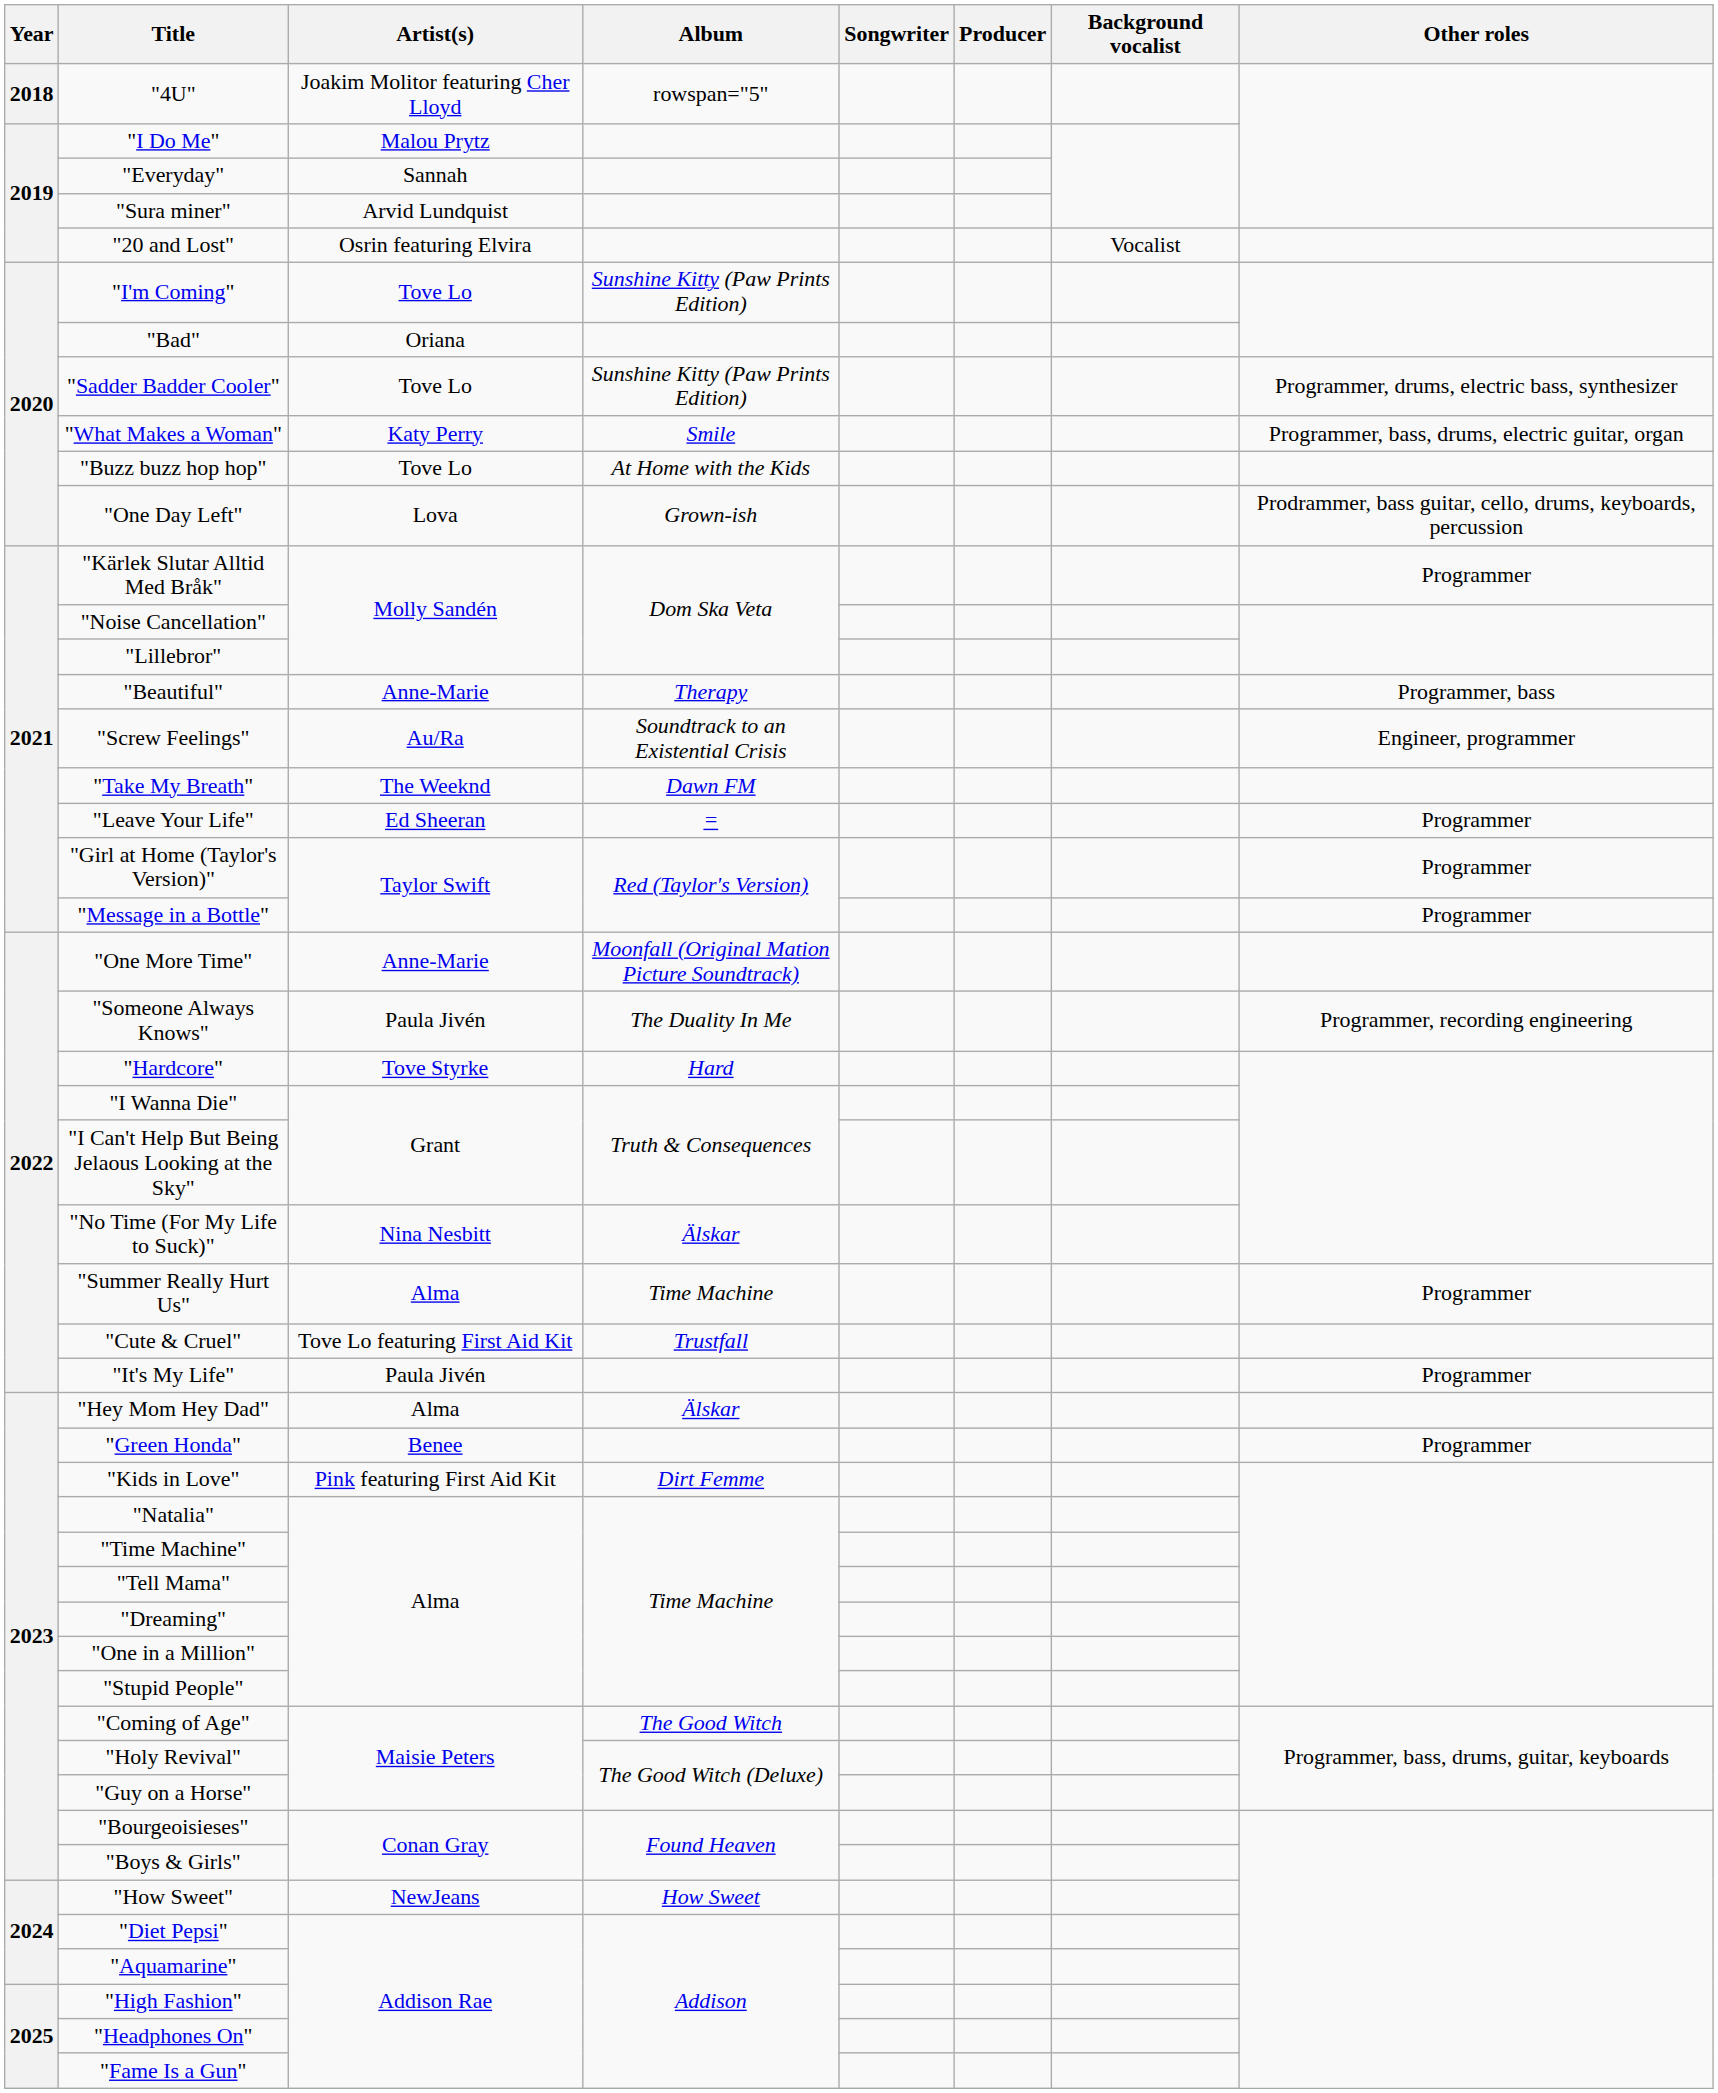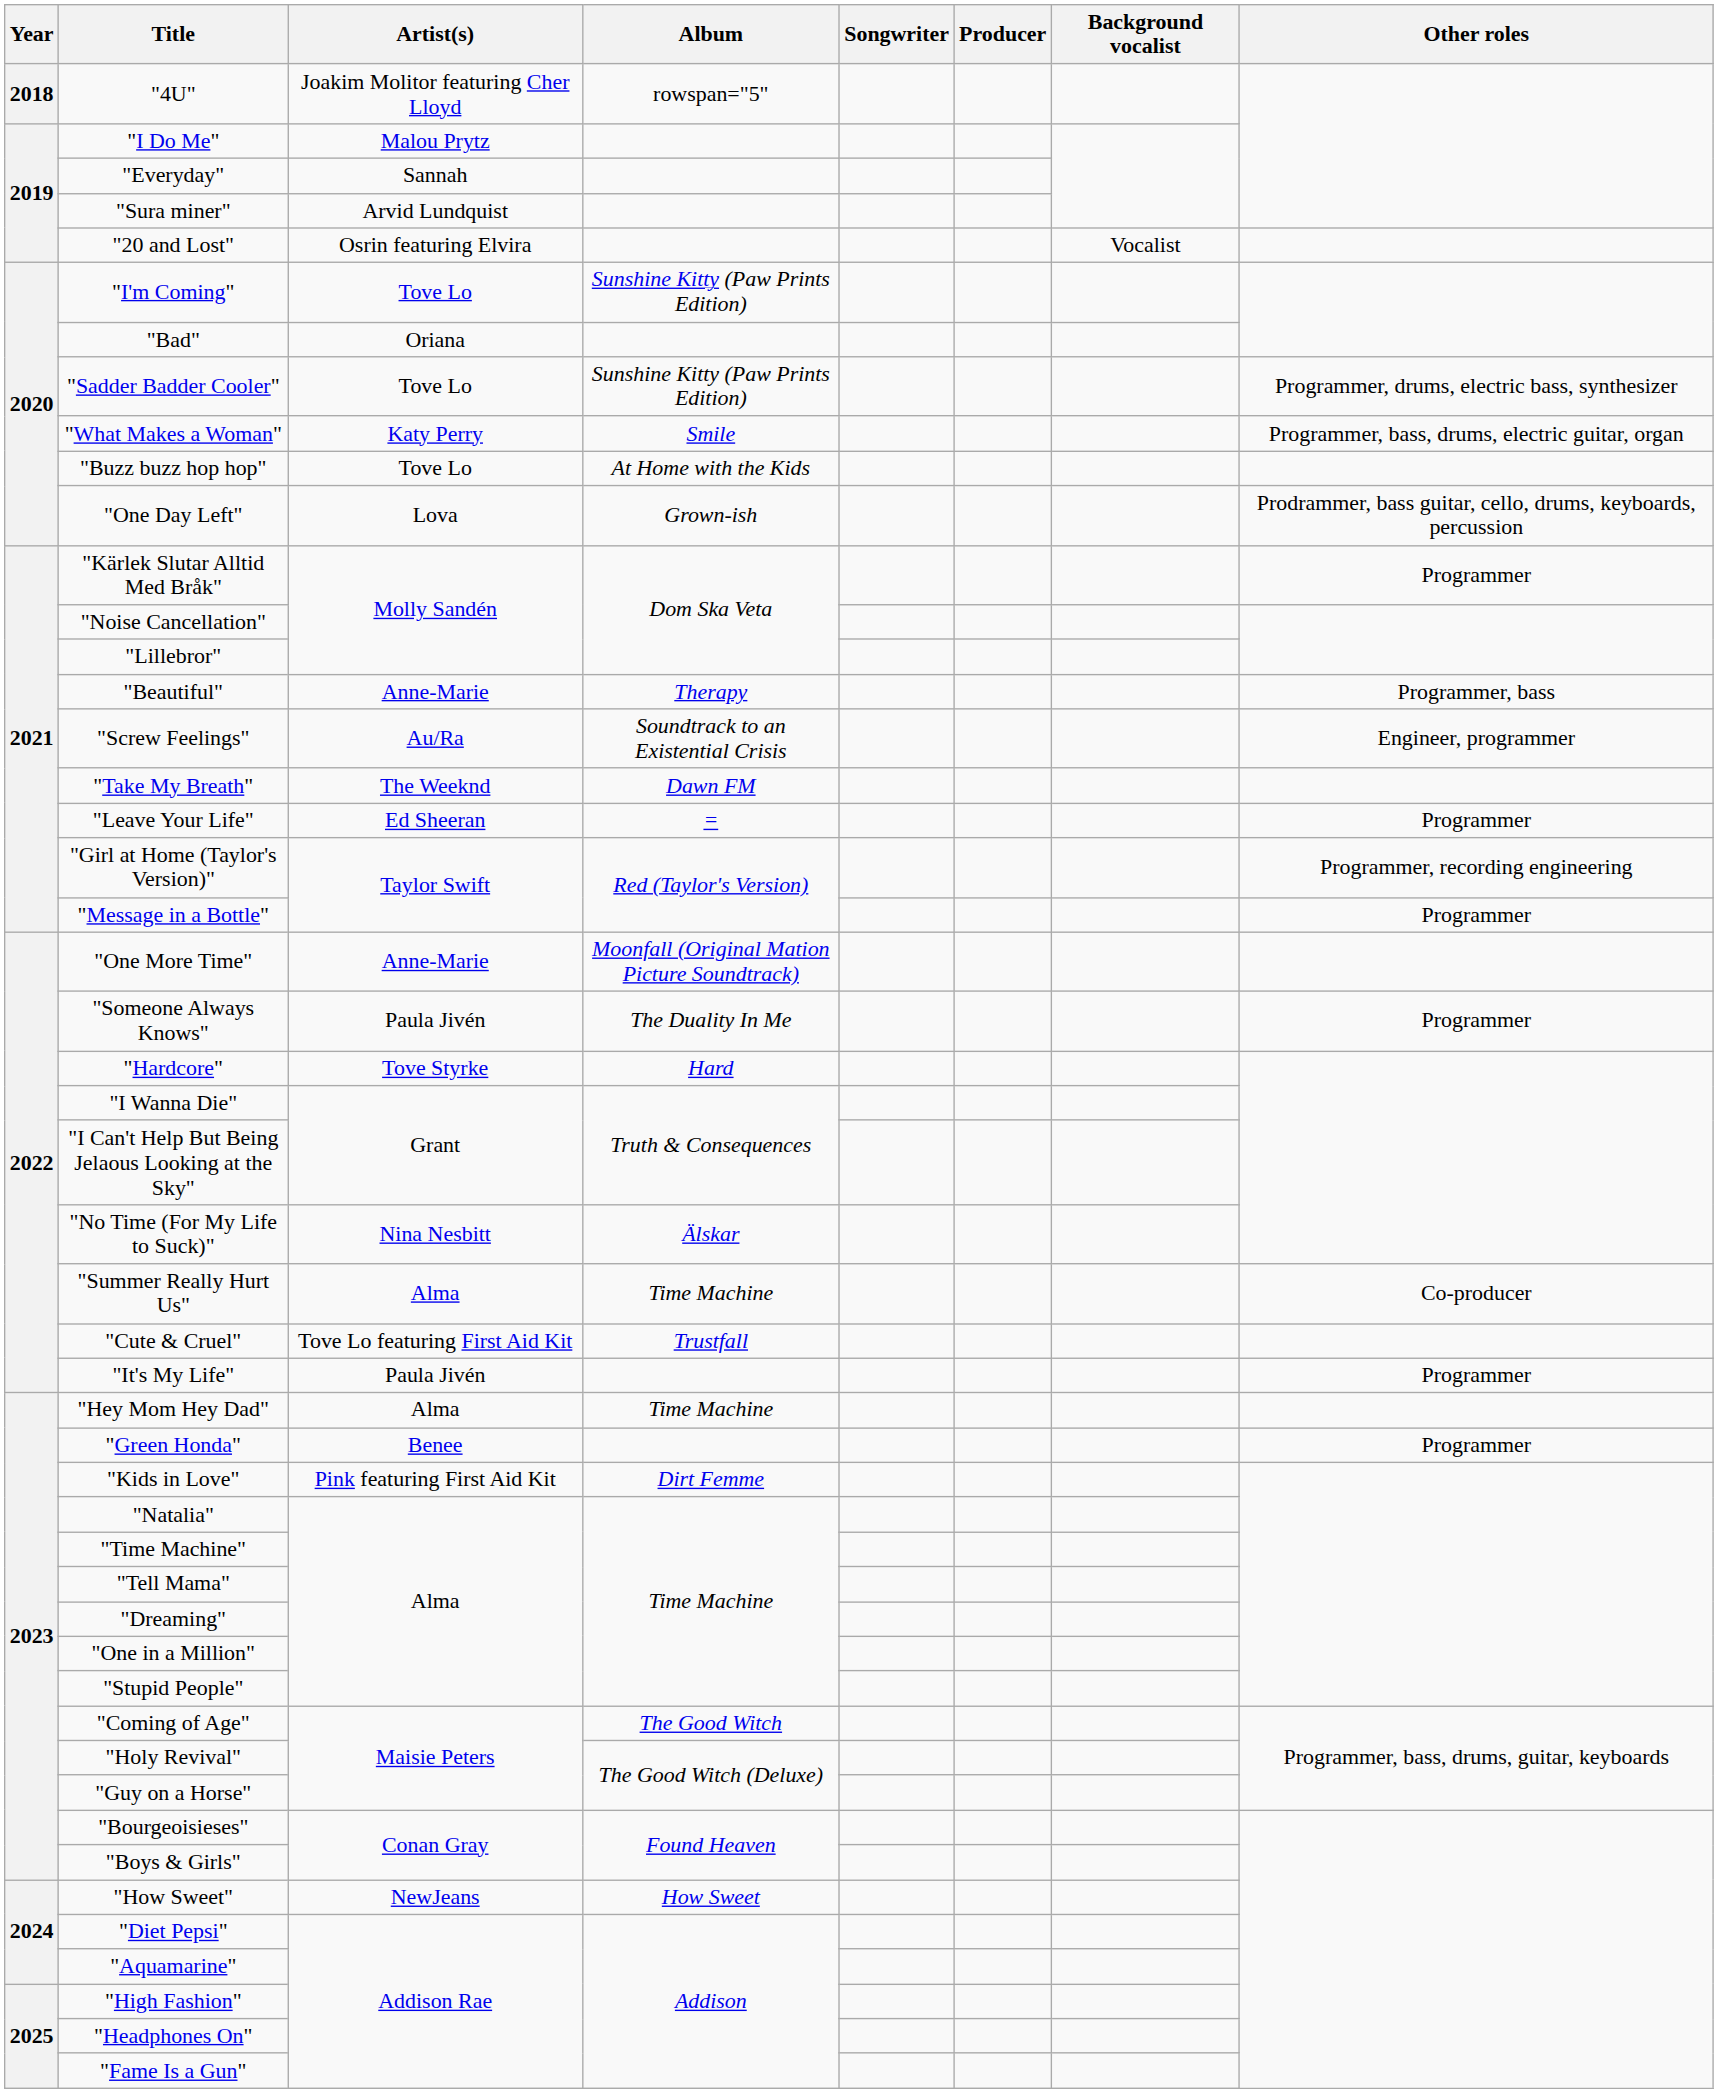 <table class="wikitable sortable plainrowheaders" style="text-align:center;">
 <tr>
 <th scope="col">Year</th>
 <th scope="col" style="width:160px;">Title</th>
 <th scope="col">Artist(s)</th>
 <th scope="col" style="width:180px;">Album</th>
 <th scope="col">Songwriter</th>
 <th scope="col">Producer</th>
 <th scope="col">Background vocalist</th>
 <th scope="col">Other roles</th>
 </tr>
 <tr>
 <th scope="row">2018</th>
 <td>"4U"</td>
 <td>Joakim Molitor featuring <a href='#'>Cher Lloyd</a></td>
 <td>rowspan="5" </td>
 <td></td>
 <td></td>
 <td></td>
 <td rowspan="4"></td>
 </tr>
 <tr>
 <th scope="row" rowspan="4">2019</th>
 <td>"<a href='#'>I Do Me</a>"</td>
 <td><a href='#'>Malou Prytz</a></td>
 <td></td>
 <td></td>
 <td></td>
 </tr>
 <tr>
 <td>"Everyday"</td>
 <td>Sannah</td>
 <td></td>
 <td></td>
 <td></td>
 </tr>
 <tr>
 <td>"Sura miner"</td>
 <td>Arvid Lundquist</td>
 <td></td>
 <td></td>
 <td></td>
 </tr>
 <tr>
 <td>"20 and Lost"</td>
 <td>Osrin featuring Elvira</td>
 <td></td>
 <td></td>
 <td></td>
 <td>Vocalist</td>
 </tr>
 <tr>
 <th scope="row" rowspan="6">2020</th>
 <td>"<a href='#'>I'm Coming</a>"</td>
 <td><a href='#'>Tove Lo</a></td>
 <td><em><a href='#'>Sunshine Kitty</a> (Paw Prints Edition)</em></td>
 <td></td>
 <td></td>
 <td></td>
 <td rowspan="2"></td>
 </tr>
 <tr>
 <td>"Bad"</td>
 <td>Oriana</td>
 <td></td>
 <td></td>
 <td></td>
 <td></td>
 </tr>
 <tr>
 <td>"<a href='#'>Sadder Badder Cooler</a>"</td>
 <td>Tove Lo</td>
 <td><em>Sunshine Kitty (Paw Prints Edition)</em></td>
 <td></td>
 <td></td>
 <td></td>
 <td>Programmer, drums, electric bass, synthesizer</td>
 </tr>
 <tr>
 <td>"<a href='#'>What Makes a Woman</a>"</td>
 <td><a href='#'>Katy Perry</a></td>
 <td><em><a href='#'>Smile</a></em></td>
 <td></td>
 <td></td>
 <td></td>
 <td>Programmer, bass, drums, electric guitar, organ</td>
 </tr>
 <tr>
 <td>"Buzz buzz hop hop"</td>
 <td>Tove Lo</td>
 <td><em>At Home with the Kids</em></td>
 <td></td>
 <td></td>
 <td></td>
 <td></td>
 </tr>
 <tr>
 <td>"One Day Left"</td>
 <td>Lova</td>
 <td><em>Grown-ish</em></td>
 <td></td>
 <td></td>
 <td></td>
 <td>Prodrammer, bass guitar, cello, drums, keyboards, percussion</td>
 </tr>
 <tr>
 <th scope="row" rowspan="9">2021</th>
 <td>"Kärlek Slutar Alltid Med Bråk"</td>
 <td rowspan="3"><a href='#'>Molly Sandén</a></td>
 <td rowspan="3"><em>Dom Ska Veta</em></td>
 <td></td>
 <td></td>
 <td></td>
 <td>Programmer</td>
 </tr>
 <tr>
 <td>"Noise Cancellation"</td>
 <td></td>
 <td></td>
 <td></td>
 <td rowspan="2"></td>
 </tr>
 <tr>
 <td>"Lillebror"</td>
 <td></td>
 <td></td>
 <td></td>
 </tr>
 <tr>
 <td>"Beautiful"</td>
 <td><a href='#'>Anne-Marie</a></td>
 <td><em><a href='#'>Therapy</a></em></td>
 <td></td>
 <td></td>
 <td></td>
 <td>Programmer, bass</td>
 </tr>
 <tr>
 <td>"Screw Feelings"</td>
 <td><a href='#'>Au/Ra</a></td>
 <td><em>Soundtrack to an Existential Crisis</em></td>
 <td></td>
 <td></td>
 <td></td>
 <td>Engineer, programmer</td>
 </tr>
 <tr>
 <td>"<a href='#'>Take My Breath</a>"</td>
 <td><a href='#'>The Weeknd</a></td>
 <td><em><a href='#'>Dawn FM</a></em></td>
 <td></td>
 <td></td>
 <td></td>
 <td></td>
 </tr>
 <tr>
 <td>"Leave Your Life"</td>
 <td><a href='#'>Ed Sheeran</a></td>
 <td><em><a href='#'>=</a></em></td>
 <td></td>
 <td></td>
 <td></td>
 <td>Programmer</td>
 </tr>
 <tr>
 <td>"Girl at Home (Taylor's Version)"</td>
 <td rowspan="2"><a href='#'>Taylor Swift</a></td>
 <td rowspan="2"><em><a href='#'>Red (Taylor's Version)</a></em></td>
 <td></td>
 <td></td>
 <td></td>
-<td>Programmer</td>
+<td>Programmer, recording engineering</td>
 </tr>
 <tr>
 <td>"<a href='#'>Message in a Bottle</a>"</td>
 <td></td>
 <td></td>
 <td></td>
 <td>Programmer</td>
 </tr>
 <tr>
 <th scope="row" rowspan="9">2022</th>
 <td>"One More Time"</td>
 <td><a href='#'>Anne-Marie</a></td>
 <td><em><a href='#'>Moonfall (Original Mation Picture Soundtrack)</a></em></td>
 <td></td>
 <td></td>
 <td></td>
 <td></td>
 </tr>
 <tr>
 <td>"Someone Always Knows"</td>
 <td>Paula Jivén</td>
 <td><em>The Duality In Me</em></td>
 <td></td>
 <td></td>
 <td></td>
-<td>Programmer, recording engineering</td>
+<td>Programmer</td>
 </tr>
 <tr>
 <td>"<a href='#'>Hardcore</a>"</td>
 <td><a href='#'>Tove Styrke</a></td>
 <td><em><a href='#'>Hard</a></em></td>
 <td></td>
 <td></td>
 <td></td>
 <td rowspan="4"></td>
 </tr>
 <tr>
 <td>"I Wanna Die"</td>
 <td rowspan="2">Grant</td>
 <td rowspan="2"><em>Truth & Consequences</em></td>
 <td></td>
 <td></td>
 <td></td>
 </tr>
 <tr>
 <td>"I Can't Help But Being Jelaous Looking at the Sky"</td>
 <td></td>
 <td></td>
 <td></td>
 </tr>
 <tr>
 <td>"No Time (For My Life to Suck)"</td>
 <td><a href='#'>Nina Nesbitt</a></td>
 <td><em><a href='#'>Älskar</a></em></td>
 <td></td>
 <td></td>
 <td></td>
 </tr>
 <tr>
 <td>"Summer Really Hurt Us"</td>
 <td><a href='#'>Alma</a></td>
 <td><em>Time Machine</em></td>
 <td></td>
 <td></td>
 <td></td>
-<td>Programmer</td>
+<td>Co-producer</td>
 </tr>
 <tr>
 <td>"Cute & Cruel"</td>
 <td>Tove Lo featuring <a href='#'>First Aid Kit</a></td>
 <td><em><a href='#'>Trustfall</a></em></td>
 <td></td>
 <td></td>
 <td></td>
 <td></td>
 </tr>
 <tr>
 <td>"It's My Life"</td>
 <td>Paula Jivén</td>
 <td></td>
 <td></td>
 <td></td>
 <td></td>
 <td>Programmer</td>
 </tr>
 <tr>
 <th rowspan="14" scope="row">2023</th>
 <td>"Hey Mom Hey Dad"</td>
 <td>Alma</td>
-<td><em><a href='#'>Älskar</a></em></td>
+<td><em>Time Machine</em></td>
 <td></td>
 <td></td>
 <td></td>
 <td></td>
 </tr>
 <tr>
 <td>"<a href='#'>Green Honda</a>"</td>
 <td><a href='#'>Benee</a></td>
 <td></td>
 <td></td>
 <td></td>
 <td></td>
 <td>Programmer</td>
 </tr>
 <tr>
 <td>"Kids in Love"</td>
 <td><a href='#'>Pink</a> featuring First Aid Kit</td>
 <td><em><a href='#'>Dirt Femme</a></em></td>
 <td></td>
 <td></td>
 <td></td>
 <td rowspan="7"></td>
 </tr>
 <tr>
 <td>"Natalia"</td>
 <td rowspan="6">Alma</td>
 <td rowspan="6"><em>Time Machine</em></td>
 <td></td>
 <td></td>
 <td></td>
 </tr>
 <tr>
 <td>"Time Machine"</td>
 <td></td>
 <td></td>
 <td></td>
 </tr>
 <tr>
 <td>"Tell Mama"</td>
 <td></td>
 <td></td>
 <td></td>
 </tr>
 <tr>
 <td>"Dreaming"</td>
 <td></td>
 <td></td>
 <td></td>
 </tr>
 <tr>
 <td>"One in a Million"</td>
 <td></td>
 <td></td>
 <td></td>
 </tr>
 <tr>
 <td>"Stupid People"</td>
 <td></td>
 <td></td>
 <td></td>
 </tr>
 <tr>
 <td>"Coming of Age"</td>
 <td rowspan="3"><a href='#'>Maisie Peters</a></td>
 <td><em><a href='#'>The Good Witch</a></em></td>
 <td></td>
 <td></td>
 <td></td>
 <td rowspan="3">Programmer, bass, drums, guitar, keyboards</td>
 </tr>
 <tr>
 <td>"Holy Revival"</td>
 <td rowspan="2"><em>The Good Witch (Deluxe)</em></td>
 <td></td>
 <td></td>
 <td></td>
 </tr>
 <tr>
 <td>"Guy on a Horse"</td>
 <td></td>
 <td></td>
 <td></td>
 </tr>
 <tr>
 <td>"Bourgeoisieses"</td>
 <td rowspan="2"><a href='#'>Conan Gray</a></td>
 <td rowspan="2"><em><a href='#'>Found Heaven</a></em></td>
 <td></td>
 <td></td>
 <td></td>
 </tr>
 <tr>
 <td>"Boys & Girls"</td>
 <td></td>
 <td></td>
 <td></td>
 </tr>
 <tr>
 <th rowspan="3" scope="row">2024</th>
 <td>"How Sweet"</td>
 <td><a href='#'>NewJeans</a></td>
 <td><em><a href='#'>How Sweet</a></em></td>
 <td></td>
 <td></td>
 <td></td>
 </tr>
 <tr>
 <td>"<a href='#'>Diet Pepsi</a>"</td>
 <td rowspan="5"><a href='#'>Addison Rae</a></td>
 <td rowspan="5"><em><a href='#'>Addison</a></em></td>
 <td></td>
 <td></td>
 <td></td>
 </tr>
 <tr>
 <td>"<a href='#'>Aquamarine</a>"</td>
 <td></td>
 <td></td>
 <td></td>
 </tr>
 <tr>
 <th rowspan="3" scope="row">2025</th>
 <td>"<a href='#'>High Fashion</a>"</td>
 <td></td>
 <td></td>
 <td></td>
 </tr>
 <tr>
 <td>"<a href='#'>Headphones On</a>"</td>
 <td></td>
 <td></td>
 <td></td>
 </tr>
 <tr>
 <td>"<a href='#'>Fame Is a Gun</a>"</td>
 <td></td>
 <td></td>
 <td></td>
 </tr>
 <tr>
 </tr>
 <tr>
 </tr>
 </table>
